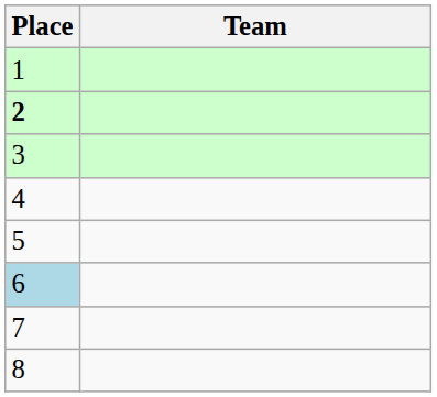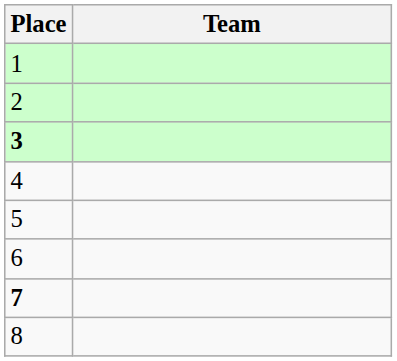 <table class="wikitable">
 <tr>
 <th width=30>Place</th>
 <th width=200>Team</th>
 </tr>
 <tr bgcolor=#ccffcc>
 <td>1</td>
 <td></td>
 </tr>
 <tr bgcolor=#ccffcc>
-<td><strong>2</strong></td>
+<td>2</td>
 <td></td>
 </tr>
 <tr bgcolor=#ccffcc>
-<td>3</td>
+<td><strong>3</strong></td>
 <td></td>
 </tr>
 <tr>
 <td>4</td>
 <td></td>
 </tr>
 <tr>
 <td>5</td>
 <td></td>
 </tr>
 <tr>
-<td style="background: lightblue;">6</td>
+<td>6</td>
 <td></td>
 </tr>
 <tr>
-<td>7</td>
+<td><strong>7</strong></td>
 <td></td>
 </tr>
 <tr>
 <td>8</td>
 <td></td>
 </tr>
 </table>
